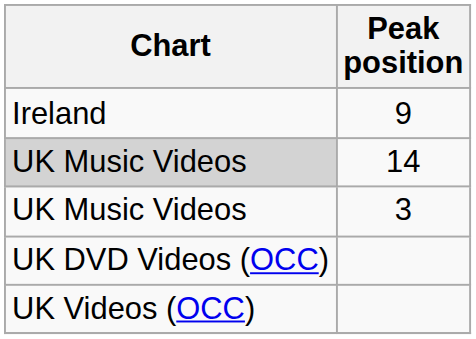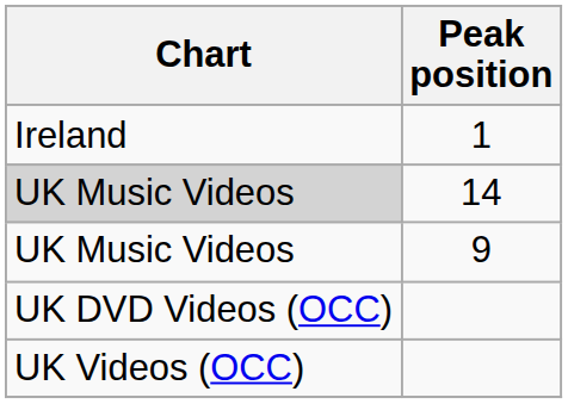 <table class="wikitable">
 <tr>
 <th style="text-align:center;">Chart</th>
 <th style="text-align:center;">Peak<br>position</th>
 </tr>
 <tr>
 <td>Ireland</td>
-<td style="text-align:center;">9</td>
+<td style="text-align:center;">1</td>
 </tr>
 <tr>
 <td style="background: lightgrey;">UK Music Videos</td>
 <td style="text-align:center;">14</td>
 </tr>
 <tr>
 <td>UK Music Videos</td>
-<td style="text-align:center;">3</td>
+<td style="text-align:center;">9</td>
 </tr>
 <tr>
 <td>UK DVD Videos (<a href='#'>OCC</a>)</td>
 <td></td>
 </tr>
 <tr>
 <td>UK Videos (<a href='#'>OCC</a>)</td>
 <td></td>
 </tr>
 <tr>
 </tr>
 </table>
